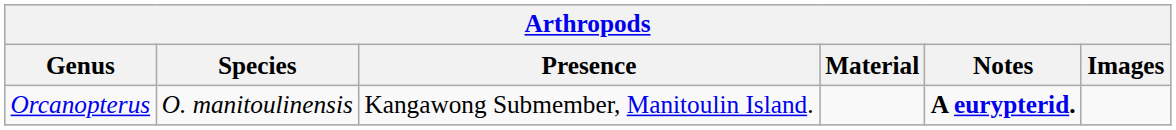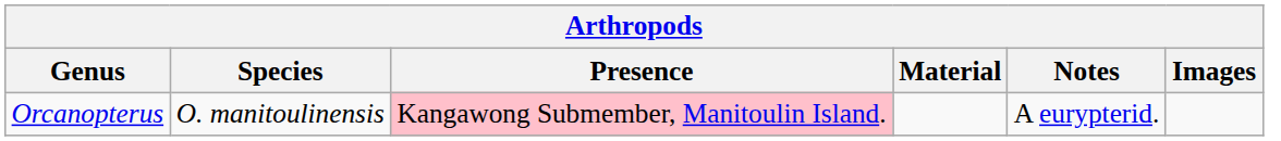 <table class="wikitable" align="center">
 <tr>
 <th colspan="6" align="center"><strong><a href='#'>Arthropods</a></strong></th>
 </tr>
 <tr>
 <th>Genus</th>
 <th>Species</th>
 <th>Presence</th>
 <th><strong>Material</strong></th>
 <th>Notes</th>
 <th>Images</th>
 </tr>
 <tr>
 <td><em><a href='#'>Orcanopterus</a></em></td>
 <td><em>O. manitoulinensis</em></td>
-<td>Kangawong Submember, <a href='#'>Manitoulin Island</a>.</td>
+<td style="background: pink;">Kangawong Submember, <a href='#'>Manitoulin Island</a>.</td>
 <td></td>
-<td><strong>A <a href='#'>eurypterid</a>.</strong></td>
+<td>A <a href='#'>eurypterid</a>.</td>
 <td></td>
 </tr>
 </table>
